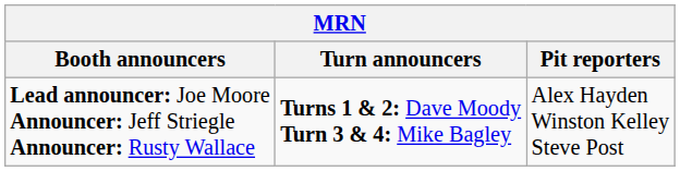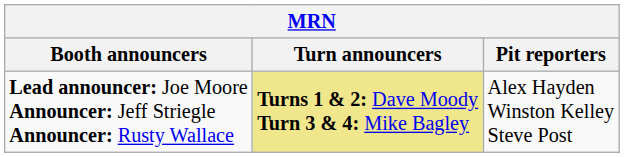 <table class="wikitable" style="font-size: 95%;">
 <tr>
 <th colspan="3"><a href='#'>MRN</a></th>
 </tr>
 <tr>
 <th>Booth announcers</th>
 <th>Turn announcers</th>
 <th>Pit reporters</th>
 </tr>
 <tr>
 <td><strong>Lead announcer:</strong> Joe Moore<br><strong>Announcer:</strong> Jeff Striegle<br><strong>Announcer:</strong> <a href='#'>Rusty Wallace</a></td>
-<td><strong>Turns 1 & 2:</strong> <a href='#'>Dave Moody</a><br><strong>Turn 3 & 4:</strong> <a href='#'>Mike Bagley</a></td>
+<td style="background: khaki;"><strong>Turns 1 & 2:</strong> <a href='#'>Dave Moody</a><br><strong>Turn 3 & 4:</strong> <a href='#'>Mike Bagley</a></td>
 <td>Alex Hayden<br>Winston Kelley<br>Steve Post</td>
 </tr>
 </table>
